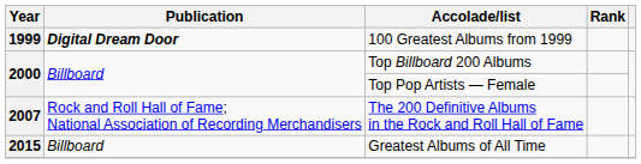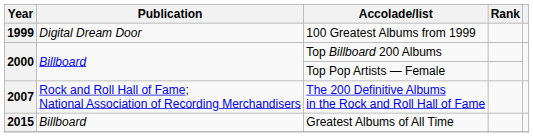 <table class="wikitable plainrowheaders">
 <tr>
 <th scope="col">Year</th>
 <th scope="col">Publication</th>
 <th scope="col">Accolade/list</th>
 <th scope="col">Rank</th>
 <th scope="col"></th>
 </tr>
 <tr>
 <th scope="row">1999</th>
-<td><strong><em>Digital Dream Door</em></strong></td>
+<td><em>Digital Dream Door</em></td>
 <td>100 Greatest Albums from 1999</td>
 <td></td>
 <td></td>
 </tr>
 <tr>
 <th scope="row"; rowspan="2">2000</th>
 <td rowspan="2"><em><a href='#'>Billboard</a></em></td>
 <td>Top <em>Billboard</em> 200 Albums</td>
 <td></td>
 <td rowspan="2"></td>
 </tr>
 <tr>
 <td>Top Pop Artists — Female</td>
 <td></td>
 </tr>
 <tr>
 <th scope="row">2007</th>
 <td><a href='#'>Rock and Roll Hall of Fame</a>;<br><a href='#'>National Association of Recording Merchandisers</a></td>
 <td><a href='#'>The 200 Definitive Albums<br>in the Rock and Roll Hall of Fame</a></td>
 <td></td>
 <td><br></td>
 </tr>
 <tr>
 <th scope="row">2015</th>
 <td><em>Billboard</em></td>
 <td>Greatest Albums of All Time</td>
 <td></td>
 <td></td>
 </tr>
 <tr>
 </tr>
 </table>
